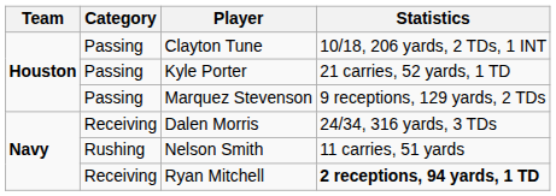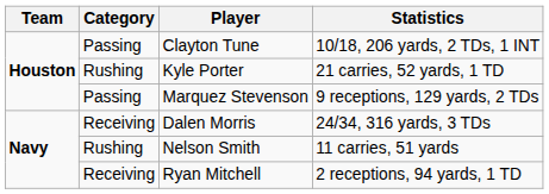 <table class="wikitable" style="float: left;">
 <tr>
 <th>Team</th>
 <th>Category</th>
 <th>Player</th>
 <th>Statistics</th>
 </tr>
 <tr>
 <td rowspan=3><strong>Houston</strong></td>
 <td>Passing</td>
 <td>Clayton Tune</td>
 <td>10/18, 206 yards, 2 TDs, 1 INT</td>
 </tr>
 <tr>
-<td>Passing</td>
+<td>Rushing</td>
 <td>Kyle Porter</td>
 <td>21 carries, 52 yards, 1 TD</td>
 </tr>
 <tr>
 <td>Passing</td>
 <td>Marquez Stevenson</td>
 <td>9 receptions, 129 yards, 2 TDs</td>
 </tr>
 <tr>
 <td rowspan=3><strong>Navy</strong></td>
 <td>Receiving</td>
 <td>Dalen Morris</td>
 <td>24/34, 316 yards, 3 TDs</td>
 </tr>
 <tr>
 <td>Rushing</td>
 <td>Nelson Smith</td>
 <td>11 carries, 51 yards</td>
 </tr>
 <tr>
 <td>Receiving</td>
 <td>Ryan Mitchell</td>
-<td><strong>2 receptions, 94 yards, 1 TD</strong></td>
+<td>2 receptions, 94 yards, 1 TD</td>
 </tr>
 </table>
